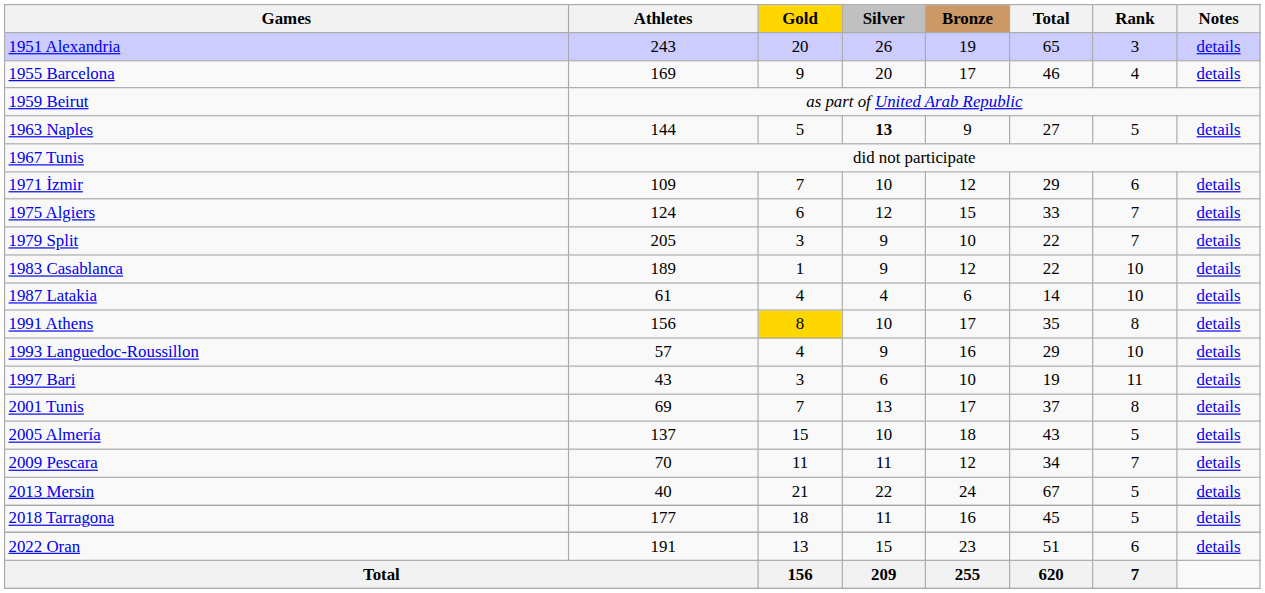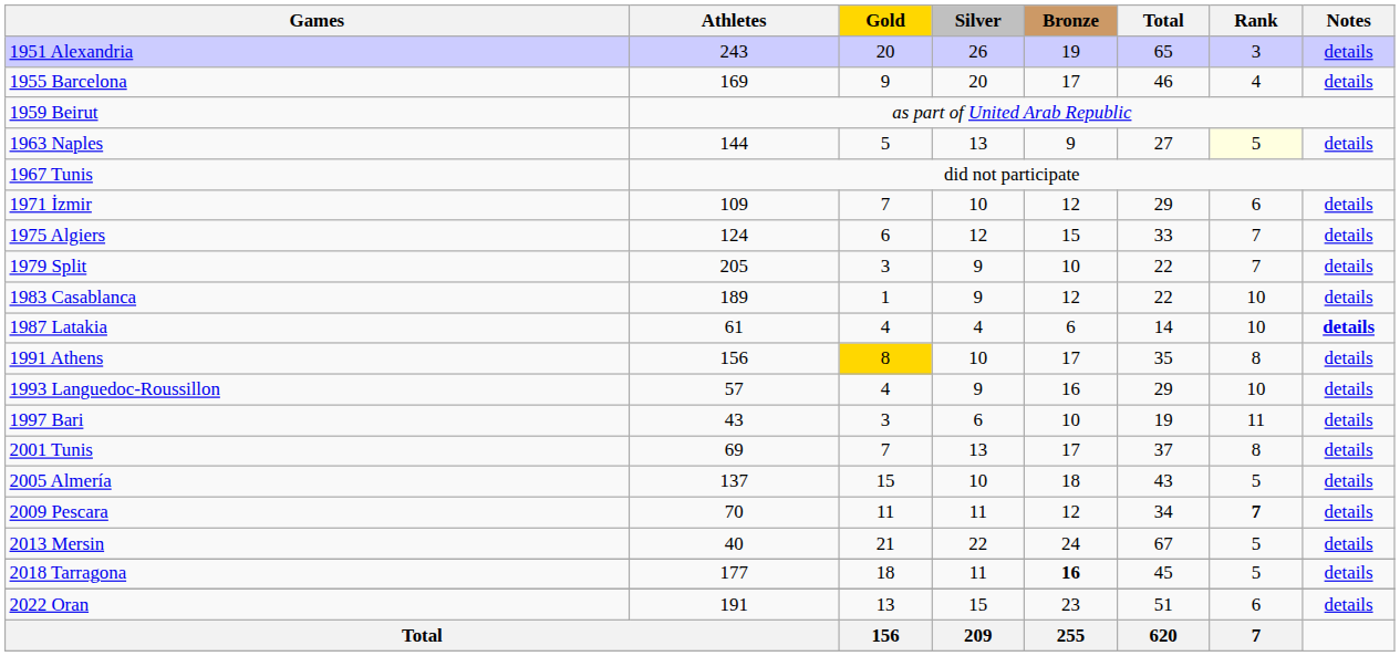 <table class="wikitable" width=85% style="font-size:90%; text-align:center;">
 <tr>
 <th>Games</th>
 <th>Athletes</th>
 <td style="background:gold; width:4.5em; font-weight:bold;">Gold</td>
 <td style="background:silver; width:4.5em; font-weight:bold;">Silver</td>
 <td style="background:#cc9966; width:4.5em; font-weight:bold;">Bronze</td>
 <th style="width:4.5em; font-weight:bold;">Total</th>
 <th style="width:4.5em; font-weight:bold;">Rank</th>
 <th style="width:4.5em; font-weight:bold;">Notes</th>
 </tr>
 <tr style="background:#ccccff">
 <td align=left><a href='#'>1951 Alexandria</a></td>
 <td>243</td>
 <td>20</td>
 <td>26</td>
 <td>19</td>
 <td>65</td>
 <td>3</td>
 <td><a href='#'>details</a></td>
 </tr>
 <tr>
 <td align=left><a href='#'>1955 Barcelona</a></td>
 <td>169</td>
 <td>9</td>
 <td>20</td>
 <td>17</td>
 <td>46</td>
 <td>4</td>
 <td><a href='#'>details</a></td>
 </tr>
 <tr>
 <td align=left><a href='#'>1959 Beirut</a></td>
 <td colspan=7><em>as part of  <a href='#'>United Arab Republic</a></td>
 </tr>
 <tr>
 <td align=left><a href='#'>1963 Naples</a></td>
 <td>144</td>
 <td>5</td>
-<td><strong>13</strong></td>
+<td>13</td>
 <td>9</td>
 <td>27</td>
-<td>5</td>
+<td style="background: lightyellow;">5</td>
 <td><a href='#'>details</a></td>
 </tr>
 <tr>
 <td align=left><a href='#'>1967 Tunis</a></td>
 <td colspan=7 rowspan=1></em>did not participate<em></td>
 </tr>
 <tr>
 <td align=left><a href='#'>1971 İzmir</a></td>
 <td>109</td>
 <td>7</td>
 <td>10</td>
 <td>12</td>
 <td>29</td>
 <td>6</td>
 <td><a href='#'>details</a></td>
 </tr>
 <tr>
 <td align=left><a href='#'>1975 Algiers</a></td>
 <td>124</td>
 <td>6</td>
 <td>12</td>
 <td>15</td>
 <td>33</td>
 <td>7</td>
 <td><a href='#'>details</a></td>
 </tr>
 <tr>
 <td align=left><a href='#'>1979 Split</a></td>
 <td>205</td>
 <td>3</td>
 <td>9</td>
 <td>10</td>
 <td>22</td>
 <td>7</td>
 <td><a href='#'>details</a></td>
 </tr>
 <tr>
 <td align=left><a href='#'>1983 Casablanca</a></td>
 <td>189</td>
 <td>1</td>
 <td>9</td>
 <td>12</td>
 <td>22</td>
 <td>10</td>
 <td><a href='#'>details</a></td>
 </tr>
 <tr>
 <td align=left><a href='#'>1987 Latakia</a></td>
 <td>61</td>
 <td>4</td>
 <td>4</td>
 <td>6</td>
 <td>14</td>
 <td>10</td>
-<td><a href='#'>details</a></td>
+<td><strong><a href='#'>details</a></strong></td>
 </tr>
 <tr>
 <td align=left><a href='#'>1991 Athens</a></td>
 <td>156</td>
 <td style="background: gold;">8</td>
 <td>10</td>
 <td>17</td>
 <td>35</td>
 <td>8</td>
 <td><a href='#'>details</a></td>
 </tr>
 <tr>
 <td align=left><a href='#'>1993 Languedoc-Roussillon</a></td>
 <td>57</td>
 <td>4</td>
 <td>9</td>
 <td>16</td>
 <td>29</td>
 <td>10</td>
 <td><a href='#'>details</a></td>
 </tr>
 <tr>
 <td align=left><a href='#'>1997 Bari</a></td>
 <td>43</td>
 <td>3</td>
 <td>6</td>
 <td>10</td>
 <td>19</td>
 <td>11</td>
 <td><a href='#'>details</a></td>
 </tr>
 <tr>
 <td align=left><a href='#'>2001 Tunis</a></td>
 <td>69</td>
 <td>7</td>
 <td>13</td>
 <td>17</td>
 <td>37</td>
 <td>8</td>
 <td><a href='#'>details</a></td>
 </tr>
 <tr>
 <td align=left><a href='#'>2005 Almería</a></td>
 <td>137</td>
 <td>15</td>
 <td>10</td>
 <td>18</td>
 <td>43</td>
 <td>5</td>
 <td><a href='#'>details</a></td>
 </tr>
 <tr>
 <td align=left><a href='#'>2009 Pescara</a></td>
 <td>70</td>
 <td>11</td>
 <td>11</td>
 <td>12</td>
 <td>34</td>
-<td>7</td>
+<td><strong>7</strong></td>
 <td><a href='#'>details</a></td>
 </tr>
 <tr>
 <td align=left><a href='#'>2013 Mersin</a></td>
 <td>40</td>
 <td>21</td>
 <td>22</td>
 <td>24</td>
 <td>67</td>
 <td>5</td>
 <td><a href='#'>details</a></td>
 </tr>
 <tr style="width:4em;">
 </tr>
 <tr>
 <td align=left><a href='#'>2018 Tarragona</a></td>
 <td>177</td>
 <td>18</td>
 <td>11</td>
-<td>16</td>
+<td><strong>16</strong></td>
 <td>45</td>
 <td>5</td>
 <td><a href='#'>details</a></td>
 </tr>
 <tr style="width:4em;">
 </tr>
 <tr>
 <td align=left><a href='#'>2022 Oran</a></td>
 <td>191</td>
 <td>13</td>
 <td>15</td>
 <td>23</td>
 <td>51</td>
 <td>6</td>
 <td><a href='#'>details</a></td>
 </tr>
 <tr style="width:4em;">
 <th colspan=2>Total</th>
 <th>156</th>
 <th>209</th>
 <th>255</th>
 <th>620</th>
 <th>7</th>
 </tr>
 <tr class="sortbottom">
 </tr>
 </table>
